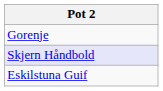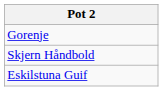 <table class="wikitable">
 <tr>
 <th width=185>Pot 2</th>
 </tr>
 <tr>
 <td> <a href='#'>Gorenje</a></td>
 </tr>
 <tr>
-<td style="background: lavender;"> <a href='#'>Skjern Håndbold</a></td>
+<td> <a href='#'>Skjern Håndbold</a></td>
 </tr>
 <tr>
 <td> <a href='#'>Eskilstuna Guif</a></td>
 </tr>
 </table>
